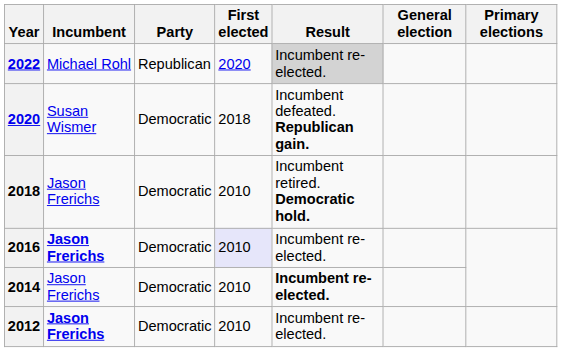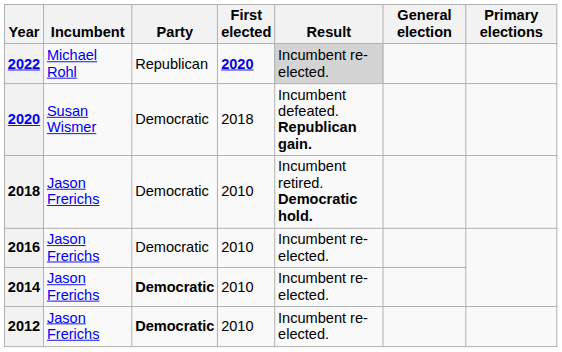 <table class=wikitable>
 <tr valign=bottom>
 <th>Year</th>
 <th>Incumbent</th>
 <th>Party</th>
 <th>First<br>elected</th>
 <th>Result</th>
 <th>General election</th>
 <th>Primary elections</th>
 </tr>
 <tr>
 <th><a href='#'>2022</a></th>
 <td><a href='#'>Michael Rohl</a></td>
 <td>Republican</td>
-<td><a href='#'>2020</a></td>
+<td><strong><a href='#'>2020</a></strong></td>
 <td style="background: lightgrey;">Incumbent re-elected.</td>
 <td nowrap></td>
 <td nowrap></td>
 </tr>
 <tr>
 <th><a href='#'>2020</a></th>
 <td><a href='#'>Susan Wismer</a></td>
 <td>Democratic</td>
 <td>2018</td>
 <td>Incumbent defeated.<br><strong>Republican gain.</strong></td>
 <td nowrap></td>
 </tr>
 <tr>
 <th>2018</th>
 <td><a href='#'>Jason Frerichs</a></td>
 <td>Democratic</td>
 <td>2010</td>
 <td>Incumbent retired.<br><strong>Democratic hold.</strong></td>
 <td nowrap></td>
 <td nowrap></td>
 </tr>
 <tr>
 <th>2016</th>
-<td><strong><a href='#'>Jason Frerichs</a></strong></td>
+<td><a href='#'>Jason Frerichs</a></td>
 <td>Democratic</td>
-<td style="background: lavender;">2010</td>
+<td>2010</td>
 <td>Incumbent re-elected.</td>
 <td nowrap></td>
 </tr>
 <tr>
 <th>2014</th>
 <td><a href='#'>Jason Frerichs</a></td>
-<td>Democratic</td>
+<td><strong>Democratic</strong></td>
 <td>2010</td>
-<td><strong>Incumbent re-elected.</strong></td>
+<td>Incumbent re-elected.</td>
 <td nowrap></td>
 </tr>
 <tr>
 <th>2012</th>
-<td><strong><a href='#'>Jason Frerichs</a></strong></td>
-<td>Democratic</td>
+<td><a href='#'>Jason Frerichs</a></td>
+<td><strong>Democratic</strong></td>
 <td>2010</td>
 <td>Incumbent re-elected.</td>
 <td nowrap></td>
 <td></td>
 </tr>
 </table>
